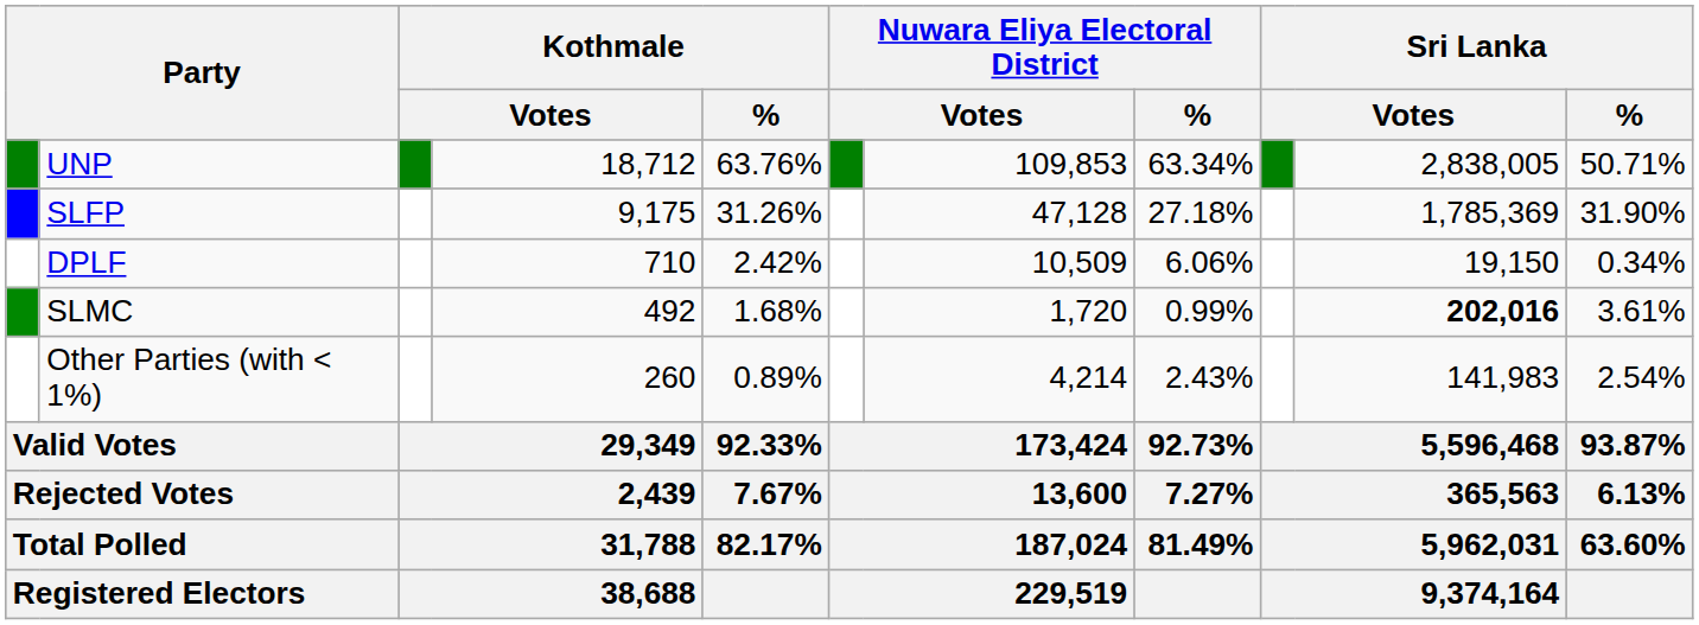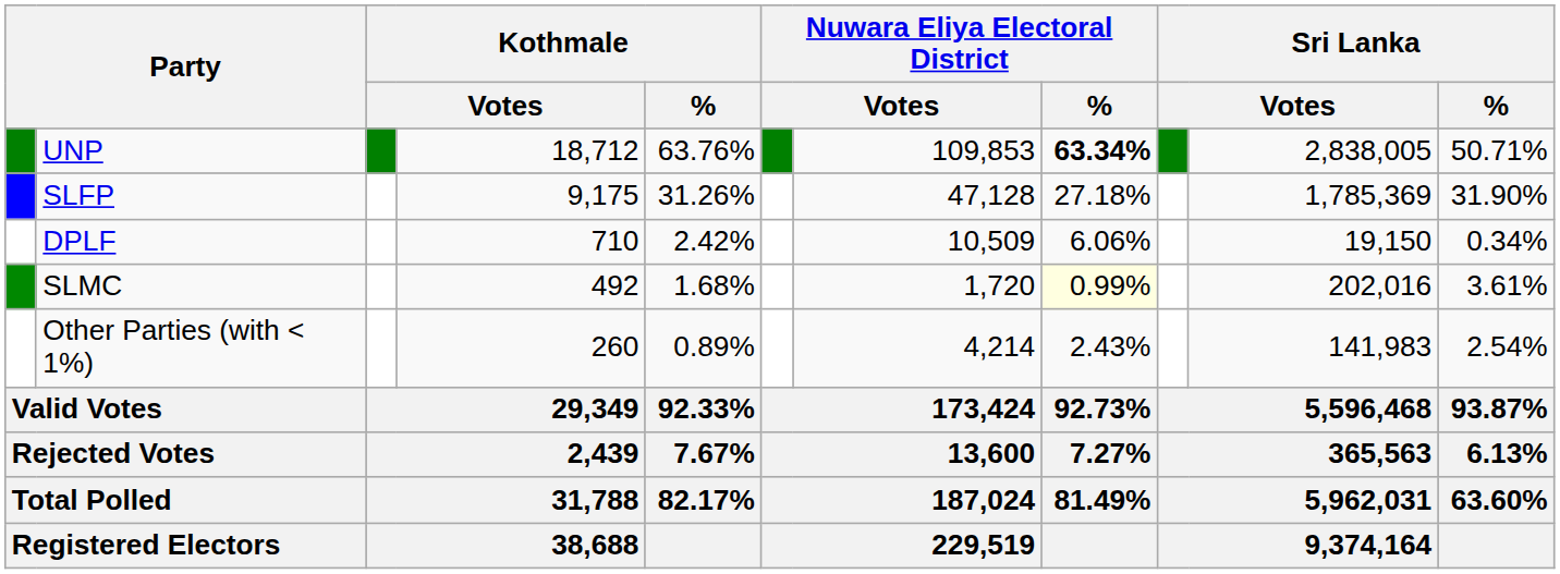 <table class="wikitable">
 <tr>
 <th colspan="2" width="144px"rowspan="2">Party</th>
 <th colspan="3" width="216px">Kothmale</th>
 <th colspan="3" width="216px"><a href='#'>Nuwara Eliya Electoral District</a></th>
 <th colspan="3" width="216px">Sri Lanka</th>
 </tr>
 <tr>
 <th colspan="2" width="144px">Votes</th>
 <th>%</th>
 <th colspan="2" width="144px">Votes</th>
 <th>%</th>
 <th colspan="2" width="144px">Votes</th>
 <th>%</th>
 </tr>
 <tr>
 <td style="background-color:green;" width="10px"></td>
 <td style="text-align:left;"><a href='#'>UNP</a></td>
 <td style="background-color:green;" width="10px"></td>
 <td style="text-align:right;">18,712</td>
 <td style="text-align:right;">63.76%</td>
 <td style="background-color:green;" width="10px"></td>
 <td style="text-align:right;">109,853</td>
-<td style="text-align:right;">63.34%</td>
+<td style="text-align:right;"><strong>63.34%</strong></td>
 <td style="background-color:green;" width="10px"></td>
 <td style="text-align:right;">2,838,005</td>
 <td style="text-align:right;">50.71%</td>
 </tr>
 <tr>
 <td style="background-color:blue;" width="10px"></td>
 <td style="text-align:left;"><a href='#'>SLFP</a></td>
 <td style="background-color:white;" width="10px"></td>
 <td style="text-align:right;">9,175</td>
 <td style="text-align:right;">31.26%</td>
 <td style="background-color:white;" width="10px"></td>
 <td style="text-align:right;">47,128</td>
 <td style="text-align:right;">27.18%</td>
 <td style="background-color:white;" width="10px"></td>
 <td style="text-align:right;">1,785,369</td>
 <td style="text-align:right;">31.90%</td>
 </tr>
 <tr>
 <td style="background-color:white;" width="10px"></td>
 <td style="text-align:left;"><a href='#'>DPLF</a></td>
 <td style="background-color:white;" width="10px"></td>
 <td style="text-align:right;">710</td>
 <td style="text-align:right;">2.42%</td>
 <td style="background-color:white;" width="10px"></td>
 <td style="text-align:right;">10,509</td>
 <td style="text-align:right;">6.06%</td>
 <td style="background-color:white;" width="10px"></td>
 <td style="text-align:right;">19,150</td>
 <td style="text-align:right;">0.34%</td>
 </tr>
 <tr>
 <td style="background-color:#008800;" width="10px"></td>
 <td style="text-align:left;">SLMC</td>
 <td style="background-color:white;" width="10px"></td>
 <td style="text-align:right;">492</td>
 <td style="text-align:right;">1.68%</td>
 <td style="background-color:white;" width="10px"></td>
 <td style="text-align:right;">1,720</td>
-<td style="text-align:right;">0.99%</td>
+<td style="background: lightyellow; text-align:right;">0.99%</td>
 <td style="background-color:white;" width="10px"></td>
-<td style="text-align:right;"><strong>202,016</strong></td>
+<td style="text-align:right;">202,016</td>
 <td style="text-align:right;">3.61%</td>
 </tr>
 <tr>
 <td style="background-color:white;" width="10px"></td>
 <td style="text-align:left;">Other Parties (with < 1%)</td>
 <td style="background-color:white;" width="10px"></td>
 <td style="text-align:right;">260</td>
 <td style="text-align:right;">0.89%</td>
 <td style="background-color:white;" width="10px"></td>
 <td style="text-align:right;">4,214</td>
 <td style="text-align:right;">2.43%</td>
 <td style="background-color:white;" width="10px"></td>
 <td style="text-align:right;">141,983</td>
 <td style="text-align:right;">2.54%</td>
 </tr>
 <tr>
 <th colspan="2" width="144px"style="text-align:left;">Valid Votes</th>
 <th style="text-align:right;"colspan="2" width="144px">29,349</th>
 <th style="text-align:right;">92.33%</th>
 <th style="text-align:right;"colspan="2" width="144px">173,424</th>
 <th style="text-align:right;">92.73%</th>
 <th style="text-align:right;"colspan="2" width="144px">5,596,468</th>
 <th style="text-align:right;">93.87%</th>
 </tr>
 <tr>
 <th colspan="2" width="144px"style="text-align:left;">Rejected Votes</th>
 <th style="text-align:right;"colspan="2" width="144px">2,439</th>
 <th style="text-align:right;">7.67%</th>
 <th style="text-align:right;"colspan="2" width="144px">13,600</th>
 <th style="text-align:right;">7.27%</th>
 <th style="text-align:right;"colspan="2" width="144px">365,563</th>
 <th style="text-align:right;">6.13%</th>
 </tr>
 <tr>
 <th colspan="2" width="144px"style="text-align:left;">Total Polled</th>
 <th style="text-align:right;"colspan="2" width="144px">31,788</th>
 <th style="text-align:right;">82.17%</th>
 <th style="text-align:right;"colspan="2" width="144px">187,024</th>
 <th style="text-align:right;">81.49%</th>
 <th style="text-align:right;"colspan="2" width="144px">5,962,031</th>
 <th style="text-align:right;">63.60%</th>
 </tr>
 <tr>
 <th colspan="2" width="144px"style="text-align:left;">Registered Electors</th>
 <th style="text-align:right;"colspan="2" width="144px">38,688</th>
 <th></th>
 <th style="text-align:right;"colspan="2" width="144px">229,519</th>
 <th></th>
 <th style="text-align:right;"colspan="2" width="144px">9,374,164</th>
 <th></th>
 </tr>
 </table>
